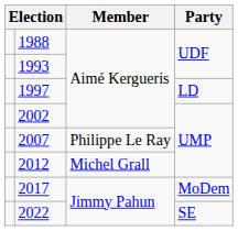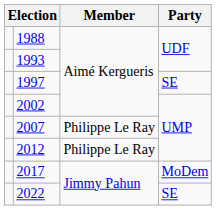 <table class="wikitable">
 <tr>
 <th colspan="2">Election</th>
 <th>Member</th>
 <th>Party</th>
 </tr>
 <tr>
 <td style="color:inherit;background-color: "></td>
 <td><a href='#'>1988</a></td>
 <td rowspan="4">Aimé Kergueris</td>
 <td rowspan="2"><a href='#'>UDF</a></td>
 </tr>
 <tr>
 <td style="color:inherit;background-color: "></td>
 <td><a href='#'>1993</a></td>
 </tr>
 <tr>
 <td style="color:inherit;background-color: "></td>
 <td><a href='#'>1997</a></td>
-<td><a href='#'>LD</a></td>
+<td><a href='#'>SE</a></td>
 </tr>
 <tr>
 <td style="color:inherit;background-color: "></td>
 <td><a href='#'>2002</a></td>
 <td rowspan="3"><a href='#'>UMP</a></td>
 </tr>
 <tr>
 <td style="color:inherit;background-color: "></td>
 <td><a href='#'>2007</a></td>
 <td>Philippe Le Ray</td>
 </tr>
 <tr>
 <td style="color:inherit;background-color: "></td>
 <td><a href='#'>2012</a></td>
-<td><a href='#'>Michel Grall</a></td>
+<td>Philippe Le Ray</td>
 </tr>
 <tr>
 <td style="color:inherit;background-color: "></td>
 <td><a href='#'>2017</a></td>
 <td rowspan="2"><a href='#'>Jimmy Pahun</a></td>
 <td><a href='#'>MoDem</a></td>
 </tr>
 <tr>
 <td style="color:inherit;background-color: "></td>
 <td><a href='#'>2022</a></td>
 <td><a href='#'>SE</a></td>
 </tr>
 </table>
